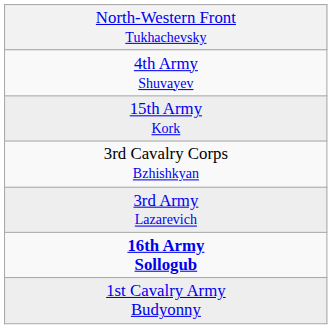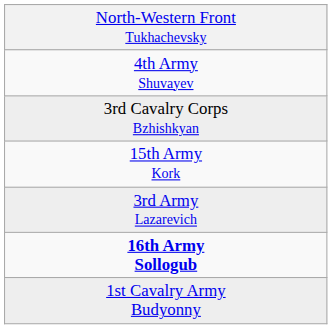 <table class="wikitable" cellpadding="2" style="text-align:center;border:1px solid #ccc;">
 <tr valign="top" style="background:#ccc;">
 <th width="300px" style="font-weight:normal"><a href='#'>North-Western Front</a> <br><small><a href='#'>Tukhachevsky</a></small></th>
 </tr>
 <tr valign="top">
 <td><a href='#'>4th Army</a> <br><small><a href='#'>Shuvayev</a></small></td>
 </tr>
 <tr valign="top" style="background:#eee;">
-<td><a href='#'>15th Army</a> <br><small><a href='#'>Kork</a></small></td>
+<td>3rd Cavalry Corps<br><small><a href='#'>Bzhishkyan</a></small></td>
 </tr>
 <tr valign="top">
-<td>3rd Cavalry Corps<br><small><a href='#'>Bzhishkyan</a></small></td>
+<td><a href='#'>15th Army</a> <br><small><a href='#'>Kork</a></small></td>
 </tr>
 <tr valign="top" style="background:#eee;">
 <td><a href='#'>3rd Army</a><br><small><a href='#'>Lazarevich</a></small></td>
 </tr>
 <tr valign="top">
 <td><strong><a href='#'>16th Army</a><br><a href='#'>Sollogub</a></strong></td>
 </tr>
 <tr valign="top" style="background:#eee;">
 <td><a href='#'>1st Cavalry Army</a><br><a href='#'>Budyonny</a></td>
 </tr>
 </table>
